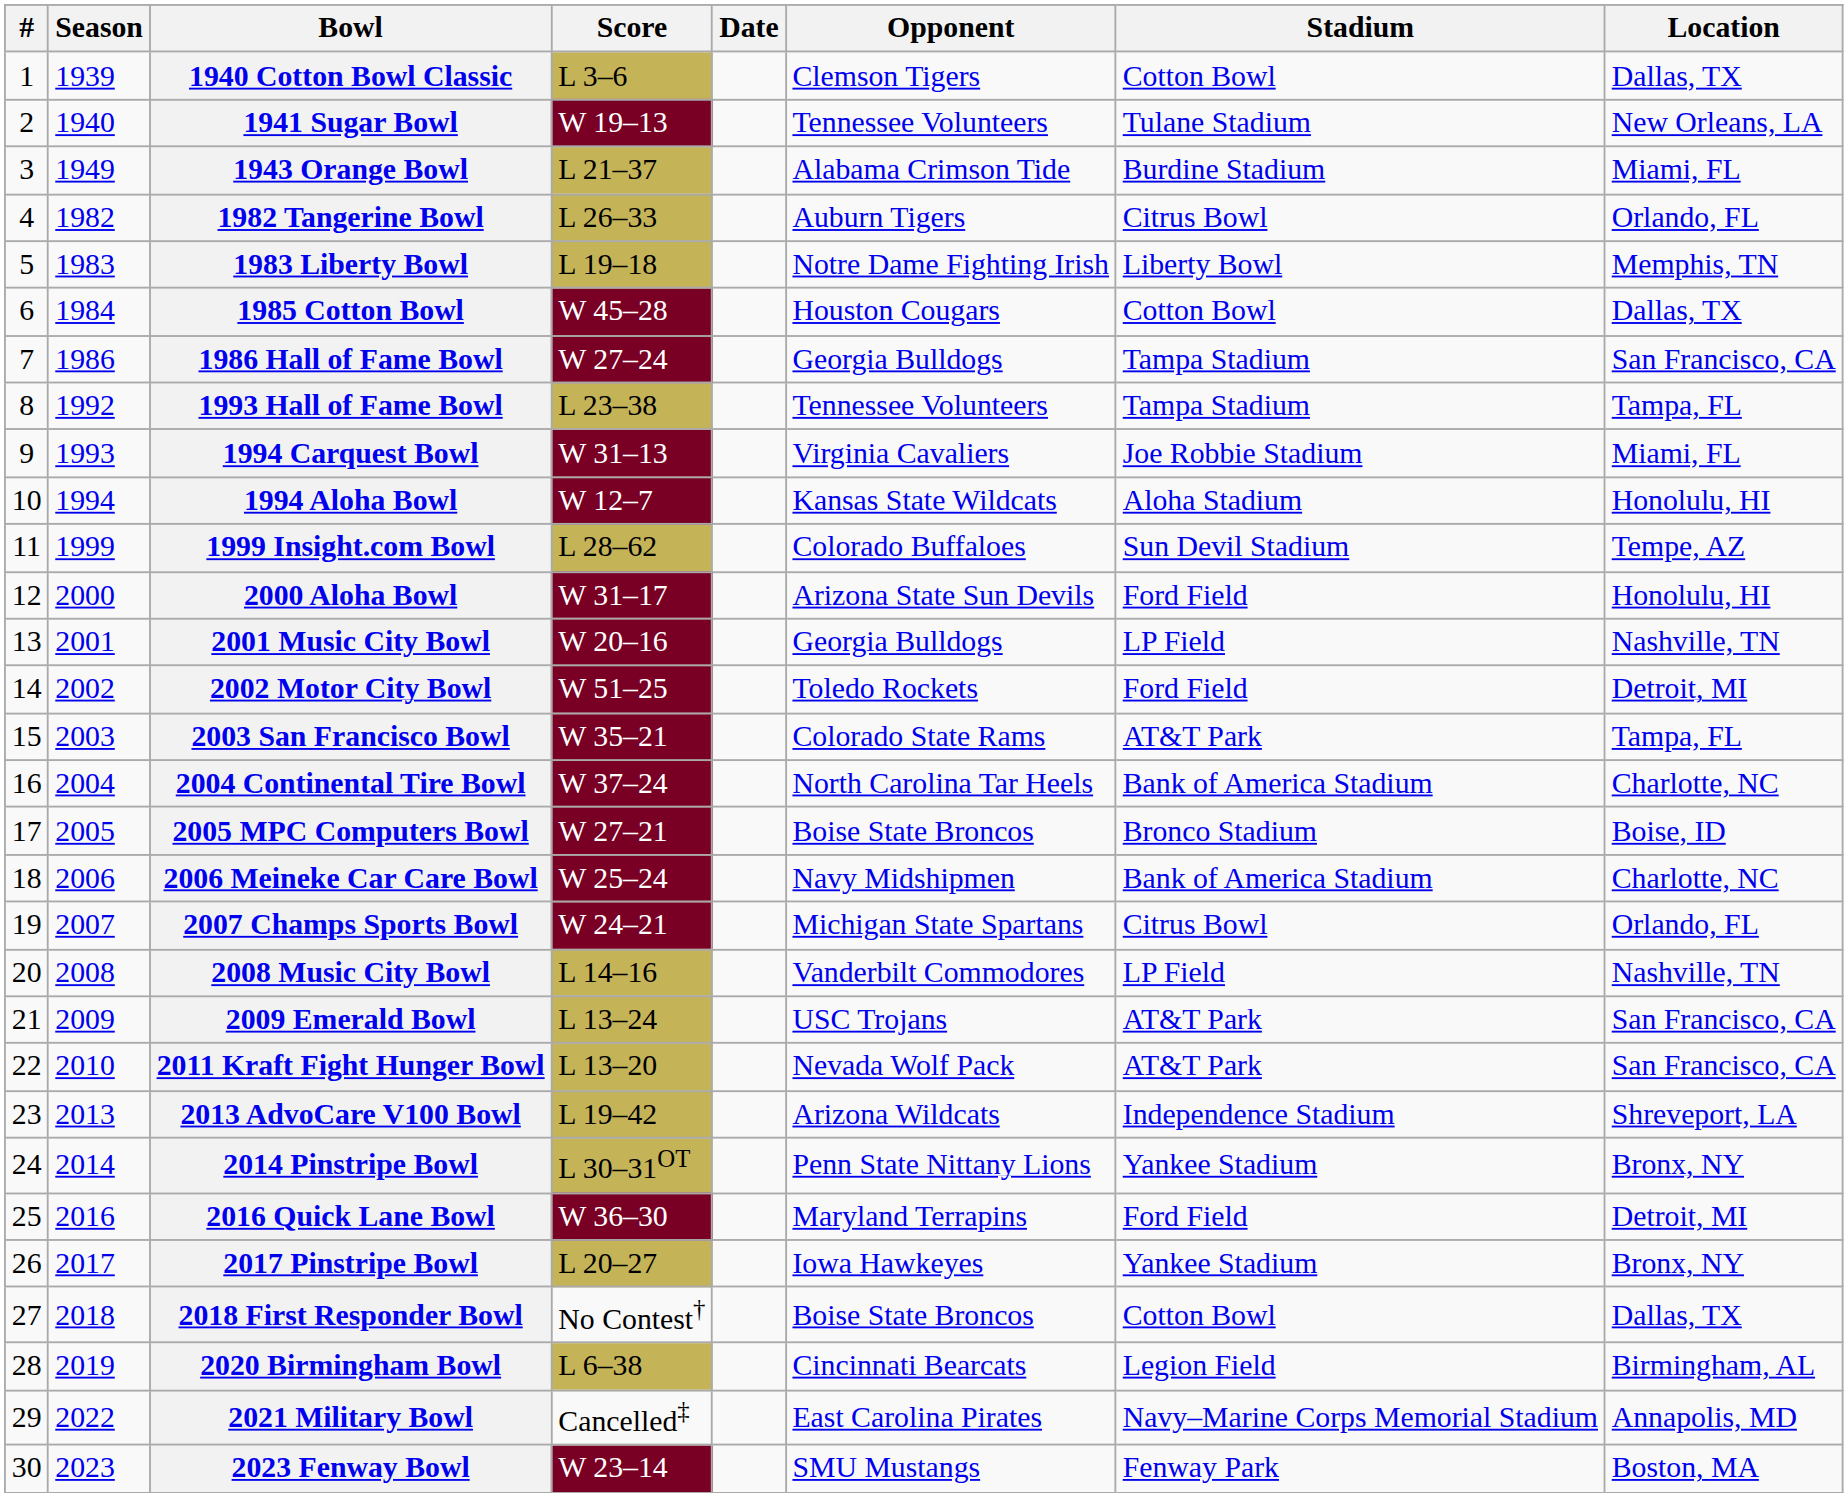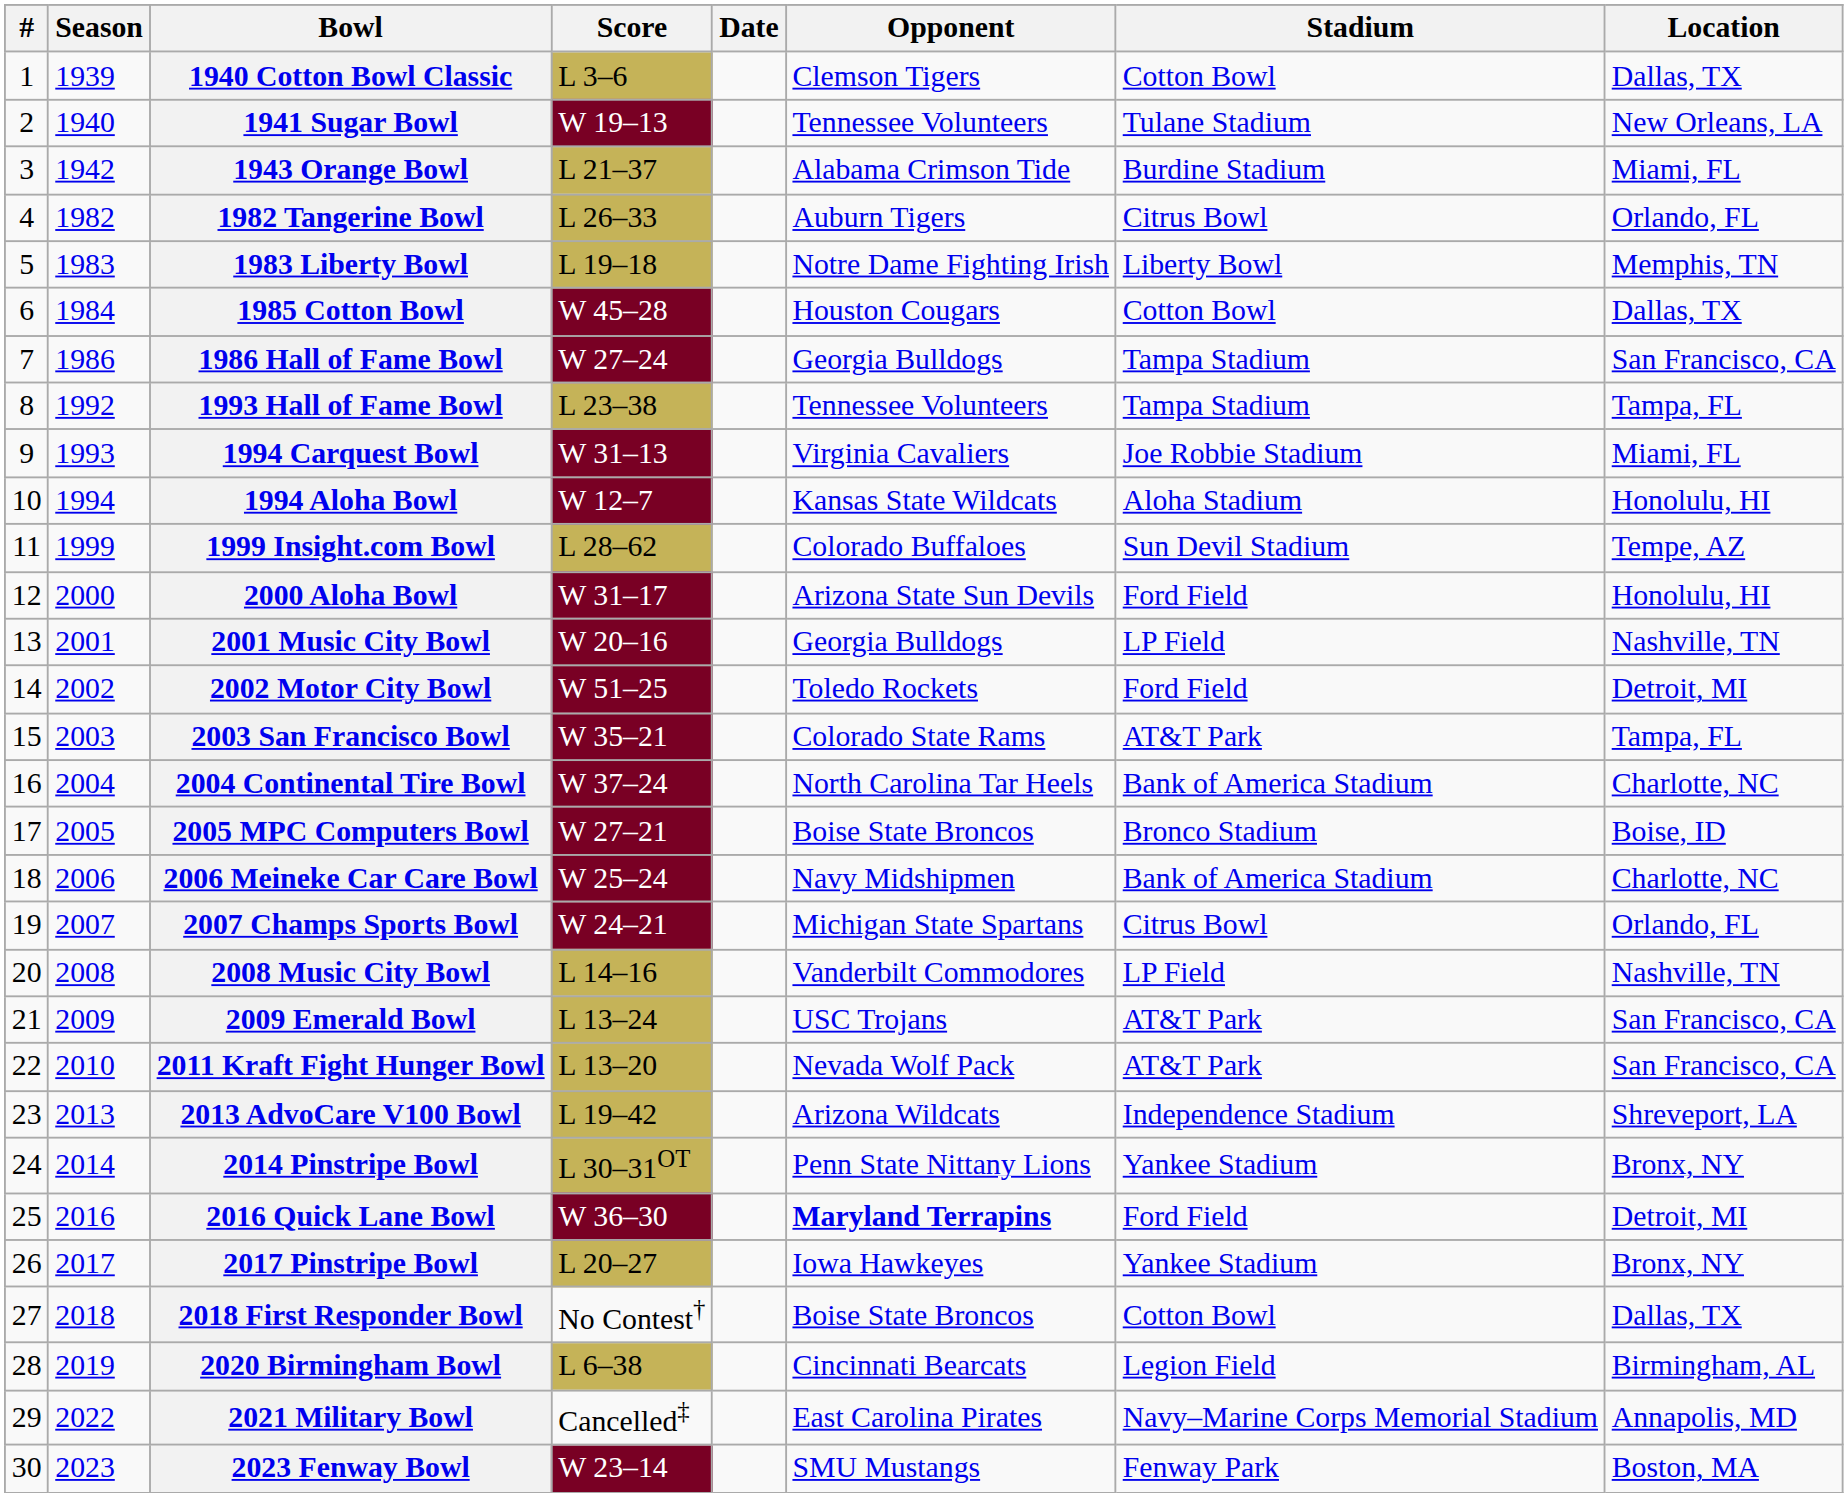 <table class="wikitable sortable plainrowheaders">
 <tr>
 <th scope="col">#</th>
 <th scope="col">Season</th>
 <th scope="col">Bowl</th>
 <th scope="col">Score</th>
 <th scope="col">Date</th>
 <th scope="col">Opponent</th>
 <th scope="col">Stadium</th>
 <th scope="col">Location</th>
 </tr>
 <tr>
 <td align="center">1</td>
 <td><a href='#'>1939</a></td>
 <th scope="row"><a href='#'>1940 Cotton Bowl Classic</a></th>
 <td style="background:#C5B358; color: black">L 3–6</td>
 <td></td>
 <td><a href='#'>Clemson Tigers</a></td>
 <td><a href='#'>Cotton Bowl</a></td>
 <td><a href='#'>Dallas, TX</a></td>
 </tr>
 <tr>
 <td align="center">2</td>
 <td><a href='#'>1940</a></td>
 <th scope="row"><a href='#'>1941 Sugar Bowl</a></th>
 <td style="background:#790024; color: white">W 19–13</td>
 <td></td>
 <td><a href='#'>Tennessee Volunteers</a></td>
 <td><a href='#'>Tulane Stadium</a></td>
 <td><a href='#'>New Orleans, LA</a></td>
 </tr>
 <tr>
 <td align="center">3</td>
-<td><a href='#'>1949</a></td>
+<td><a href='#'>1942</a></td>
 <th scope="row"><a href='#'>1943 Orange Bowl</a></th>
 <td style="background:#C5B358; color: black">L 21–37</td>
 <td></td>
 <td><a href='#'>Alabama Crimson Tide</a></td>
 <td><a href='#'>Burdine Stadium</a></td>
 <td><a href='#'>Miami, FL</a></td>
 </tr>
 <tr>
 <td align="center">4</td>
 <td><a href='#'>1982</a></td>
 <th scope="row"><a href='#'>1982 Tangerine Bowl</a></th>
 <td style="background:#C5B358; color: black">L 26–33</td>
 <td></td>
 <td><a href='#'>Auburn Tigers</a></td>
 <td><a href='#'>Citrus Bowl</a></td>
 <td><a href='#'>Orlando, FL</a></td>
 </tr>
 <tr>
 <td align="center">5</td>
 <td><a href='#'>1983</a></td>
 <th scope="row"><a href='#'>1983 Liberty Bowl</a></th>
 <td style="background:#C5B358; color: black">L 19–18</td>
 <td></td>
 <td><a href='#'>Notre Dame Fighting Irish</a></td>
 <td><a href='#'>Liberty Bowl</a></td>
 <td><a href='#'>Memphis, TN</a></td>
 </tr>
 <tr>
 <td align="center">6</td>
 <td><a href='#'>1984</a></td>
 <th scope="row"><a href='#'>1985 Cotton Bowl</a></th>
 <td style="background:#790024; color: white">W 45–28</td>
 <td></td>
 <td><a href='#'>Houston Cougars</a></td>
 <td><a href='#'>Cotton Bowl</a></td>
 <td><a href='#'>Dallas, TX</a></td>
 </tr>
 <tr>
 <td align="center">7</td>
 <td><a href='#'>1986</a></td>
 <th scope="row"><a href='#'>1986 Hall of Fame Bowl</a></th>
 <td style="background:#790024; color: white">W 27–24</td>
 <td></td>
 <td><a href='#'>Georgia Bulldogs</a></td>
 <td><a href='#'>Tampa Stadium</a></td>
 <td><a href='#'>San Francisco, CA</a></td>
 </tr>
 <tr>
 <td align="center">8</td>
 <td><a href='#'>1992</a></td>
 <th scope="row"><a href='#'>1993 Hall of Fame Bowl</a></th>
 <td style="background:#C5B358; color: black">L 23–38</td>
 <td></td>
 <td><a href='#'>Tennessee Volunteers</a></td>
 <td><a href='#'>Tampa Stadium</a></td>
 <td><a href='#'>Tampa, FL</a></td>
 </tr>
 <tr>
 <td align="center">9</td>
 <td><a href='#'>1993</a></td>
 <th scope="row"><a href='#'>1994 Carquest Bowl</a></th>
 <td style="background:#790024; color: white">W 31–13</td>
 <td></td>
 <td><a href='#'>Virginia Cavaliers</a></td>
 <td><a href='#'>Joe Robbie Stadium</a></td>
 <td><a href='#'>Miami, FL</a></td>
 </tr>
 <tr>
 <td align="center">10</td>
 <td><a href='#'>1994</a></td>
 <th scope="row"><a href='#'>1994 Aloha Bowl</a></th>
 <td style="background:#790024; color: white">W 12–7</td>
 <td></td>
 <td><a href='#'>Kansas State Wildcats</a></td>
 <td><a href='#'>Aloha Stadium</a></td>
 <td><a href='#'>Honolulu, HI</a></td>
 </tr>
 <tr>
 <td align="center">11</td>
 <td><a href='#'>1999</a></td>
 <th scope="row"><a href='#'>1999 Insight.com Bowl</a></th>
 <td style="background:#C5B358; color: black">L 28–62</td>
 <td></td>
 <td><a href='#'>Colorado Buffaloes</a></td>
 <td><a href='#'>Sun Devil Stadium</a></td>
 <td><a href='#'>Tempe, AZ</a></td>
 </tr>
 <tr>
 <td align="center">12</td>
 <td><a href='#'>2000</a></td>
 <th scope="row"><a href='#'>2000 Aloha Bowl</a></th>
 <td style="background:#790024; color: white">W 31–17</td>
 <td></td>
 <td><a href='#'>Arizona State Sun Devils</a></td>
 <td><a href='#'>Ford Field</a></td>
 <td><a href='#'>Honolulu, HI</a></td>
 </tr>
 <tr>
 <td align="center">13</td>
 <td><a href='#'>2001</a></td>
 <th scope="row"><a href='#'>2001 Music City Bowl</a></th>
 <td style="background:#790024; color: white">W 20–16</td>
 <td></td>
 <td><a href='#'>Georgia Bulldogs</a></td>
 <td><a href='#'>LP Field</a></td>
 <td><a href='#'>Nashville, TN</a></td>
 </tr>
 <tr>
 <td align="center">14</td>
 <td><a href='#'>2002</a></td>
 <th scope="row"><a href='#'>2002 Motor City Bowl</a></th>
 <td style="background:#790024; color: white">W 51–25</td>
 <td></td>
 <td><a href='#'>Toledo Rockets</a></td>
 <td><a href='#'>Ford Field</a></td>
 <td><a href='#'>Detroit, MI</a></td>
 </tr>
 <tr>
 <td align="center">15</td>
 <td><a href='#'>2003</a></td>
 <th scope="row"><a href='#'>2003 San Francisco Bowl</a></th>
 <td style="background:#790024; color: white">W 35–21</td>
 <td></td>
 <td><a href='#'>Colorado State Rams</a></td>
 <td><a href='#'>AT&T Park</a></td>
 <td><a href='#'>Tampa, FL</a></td>
 </tr>
 <tr>
 <td align="center">16</td>
 <td><a href='#'>2004</a></td>
 <th scope="row"><a href='#'>2004 Continental Tire Bowl</a></th>
 <td style="background:#790024; color: white">W 37–24</td>
 <td></td>
 <td><a href='#'>North Carolina Tar Heels</a></td>
 <td><a href='#'>Bank of America Stadium</a></td>
 <td><a href='#'>Charlotte, NC</a></td>
 </tr>
 <tr>
 <td align="center">17</td>
 <td><a href='#'>2005</a></td>
 <th scope="row"><a href='#'>2005 MPC Computers Bowl</a></th>
 <td style="background:#790024; color: white">W 27–21</td>
 <td></td>
 <td><a href='#'>Boise State Broncos</a></td>
 <td><a href='#'>Bronco Stadium</a></td>
 <td><a href='#'>Boise, ID</a></td>
 </tr>
 <tr>
 <td align="center">18</td>
 <td><a href='#'>2006</a></td>
 <th scope="row"><a href='#'>2006 Meineke Car Care Bowl</a></th>
 <td style="background:#790024; color: white">W 25–24</td>
 <td></td>
 <td><a href='#'>Navy Midshipmen</a></td>
 <td><a href='#'>Bank of America Stadium</a></td>
 <td><a href='#'>Charlotte, NC</a></td>
 </tr>
 <tr>
 <td align="center">19</td>
 <td><a href='#'>2007</a></td>
 <th scope="row"><a href='#'>2007 Champs Sports Bowl</a></th>
 <td style="background:#790024; color: white">W 24–21</td>
 <td></td>
 <td><a href='#'>Michigan State Spartans</a></td>
 <td><a href='#'>Citrus Bowl</a></td>
 <td><a href='#'>Orlando, FL</a></td>
 </tr>
 <tr>
 <td align="center">20</td>
 <td><a href='#'>2008</a></td>
 <th scope="row"><a href='#'>2008 Music City Bowl</a></th>
 <td style="background:#C5B358; color: black">L 14–16</td>
 <td></td>
 <td><a href='#'>Vanderbilt Commodores</a></td>
 <td><a href='#'>LP Field</a></td>
 <td><a href='#'>Nashville, TN</a></td>
 </tr>
 <tr>
 <td align="center">21</td>
 <td><a href='#'>2009</a></td>
 <th scope="row"><a href='#'>2009 Emerald Bowl</a></th>
 <td style="background:#C5B358; color: black">L 13–24</td>
 <td></td>
 <td><a href='#'>USC Trojans</a></td>
 <td><a href='#'>AT&T Park</a></td>
 <td><a href='#'>San Francisco, CA</a></td>
 </tr>
 <tr>
 <td align="center">22</td>
 <td><a href='#'>2010</a></td>
 <th scope="row"><a href='#'>2011 Kraft Fight Hunger Bowl</a></th>
 <td style="background:#C5B358; color: black">L 13–20</td>
 <td></td>
 <td><a href='#'>Nevada Wolf Pack</a></td>
 <td><a href='#'>AT&T Park</a></td>
 <td><a href='#'>San Francisco, CA</a></td>
 </tr>
 <tr>
 <td align="center">23</td>
 <td><a href='#'>2013</a></td>
 <th scope="row"><a href='#'>2013 AdvoCare V100 Bowl</a></th>
 <td style="background:#C5B358; color: black">L 19–42</td>
 <td></td>
 <td><a href='#'>Arizona Wildcats</a></td>
 <td><a href='#'>Independence Stadium</a></td>
 <td><a href='#'>Shreveport, LA</a></td>
 </tr>
 <tr>
 <td align="center">24</td>
 <td><a href='#'>2014</a></td>
 <th scope="row"><a href='#'>2014 Pinstripe Bowl</a></th>
 <td style="background:#C5B358; color: black">L 30–31<sup>OT</sup></td>
 <td></td>
 <td><a href='#'>Penn State Nittany Lions</a></td>
 <td><a href='#'>Yankee Stadium</a></td>
 <td><a href='#'>Bronx, NY</a></td>
 </tr>
 <tr>
 <td align="center">25</td>
 <td><a href='#'>2016</a></td>
 <th scope="row"><a href='#'>2016 Quick Lane Bowl</a></th>
 <td style="background:#790024; color: white">W 36–30</td>
 <td></td>
-<td><a href='#'>Maryland Terrapins</a></td>
+<td><strong><a href='#'>Maryland Terrapins</a></strong></td>
 <td><a href='#'>Ford Field</a></td>
 <td><a href='#'>Detroit, MI</a></td>
 </tr>
 <tr>
 <td align="center">26</td>
 <td><a href='#'>2017</a></td>
 <th scope="row"><a href='#'>2017 Pinstripe Bowl</a></th>
 <td style="background:#C5B358; color: black">L 20–27</td>
 <td></td>
 <td><a href='#'>Iowa Hawkeyes</a></td>
 <td><a href='#'>Yankee Stadium</a></td>
 <td><a href='#'>Bronx, NY</a></td>
 </tr>
 <tr>
 <td align="center">27</td>
 <td><a href='#'>2018</a></td>
 <th scope="row"><a href='#'>2018 First Responder Bowl</a></th>
 <td style="background:"> No Contest<sup>†</sup></td>
 <td></td>
 <td><a href='#'>Boise State Broncos</a></td>
 <td><a href='#'>Cotton Bowl</a></td>
 <td><a href='#'>Dallas, TX</a></td>
 </tr>
 <tr>
 <td align="center">28</td>
 <td><a href='#'>2019</a></td>
 <th scope="row"><a href='#'>2020 Birmingham Bowl</a></th>
 <td style="background:#C5B358; color: black">L 6–38</td>
 <td></td>
 <td><a href='#'>Cincinnati Bearcats</a></td>
 <td><a href='#'>Legion Field</a></td>
 <td><a href='#'>Birmingham, AL</a></td>
 </tr>
 <tr>
 <td align="center">29</td>
 <td><a href='#'>2022</a></td>
 <th scope="row"><a href='#'>2021 Military Bowl</a></th>
 <td style="background:; color: black"> Cancelled<sup>‡</sup></td>
 <td></td>
 <td><a href='#'>East Carolina Pirates</a></td>
 <td><a href='#'>Navy–Marine Corps Memorial Stadium</a></td>
 <td><a href='#'>Annapolis, MD</a></td>
 </tr>
 <tr>
 <td align="center">30</td>
 <td><a href='#'>2023</a></td>
 <th scope="row"><a href='#'>2023 Fenway Bowl</a></th>
 <td style="background:#790024; color: white"> W 23–14</td>
 <td></td>
 <td><a href='#'>SMU Mustangs</a></td>
 <td><a href='#'>Fenway Park</a></td>
 <td><a href='#'>Boston, MA</a></td>
 </tr>
 </table>
